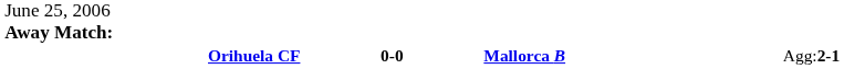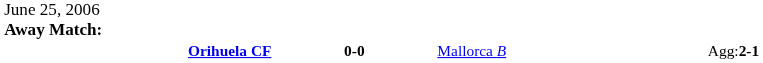 <table width=100% cellspacing=1>
 <tr>
 <th width=20%></th>
 <th width=12%></th>
 <th width=20%></th>
 <th></th>
 </tr>
 <tr>
 <td>June 25, 2006<br><strong>Away Match:</strong></td>
 </tr>
 <tr style=font-size:90%>
 <td align=right><strong><a href='#'>Orihuela CF</a></strong></td>
 <td align=center><strong>0-0</strong></td>
-<td><strong><a href='#'>Mallorca <em>B</em></a></strong></td>
+<td><a href='#'>Mallorca <em>B</em></a></td>
 <td>Agg:<strong>2-1</strong></td>
 </tr>
 </table>
